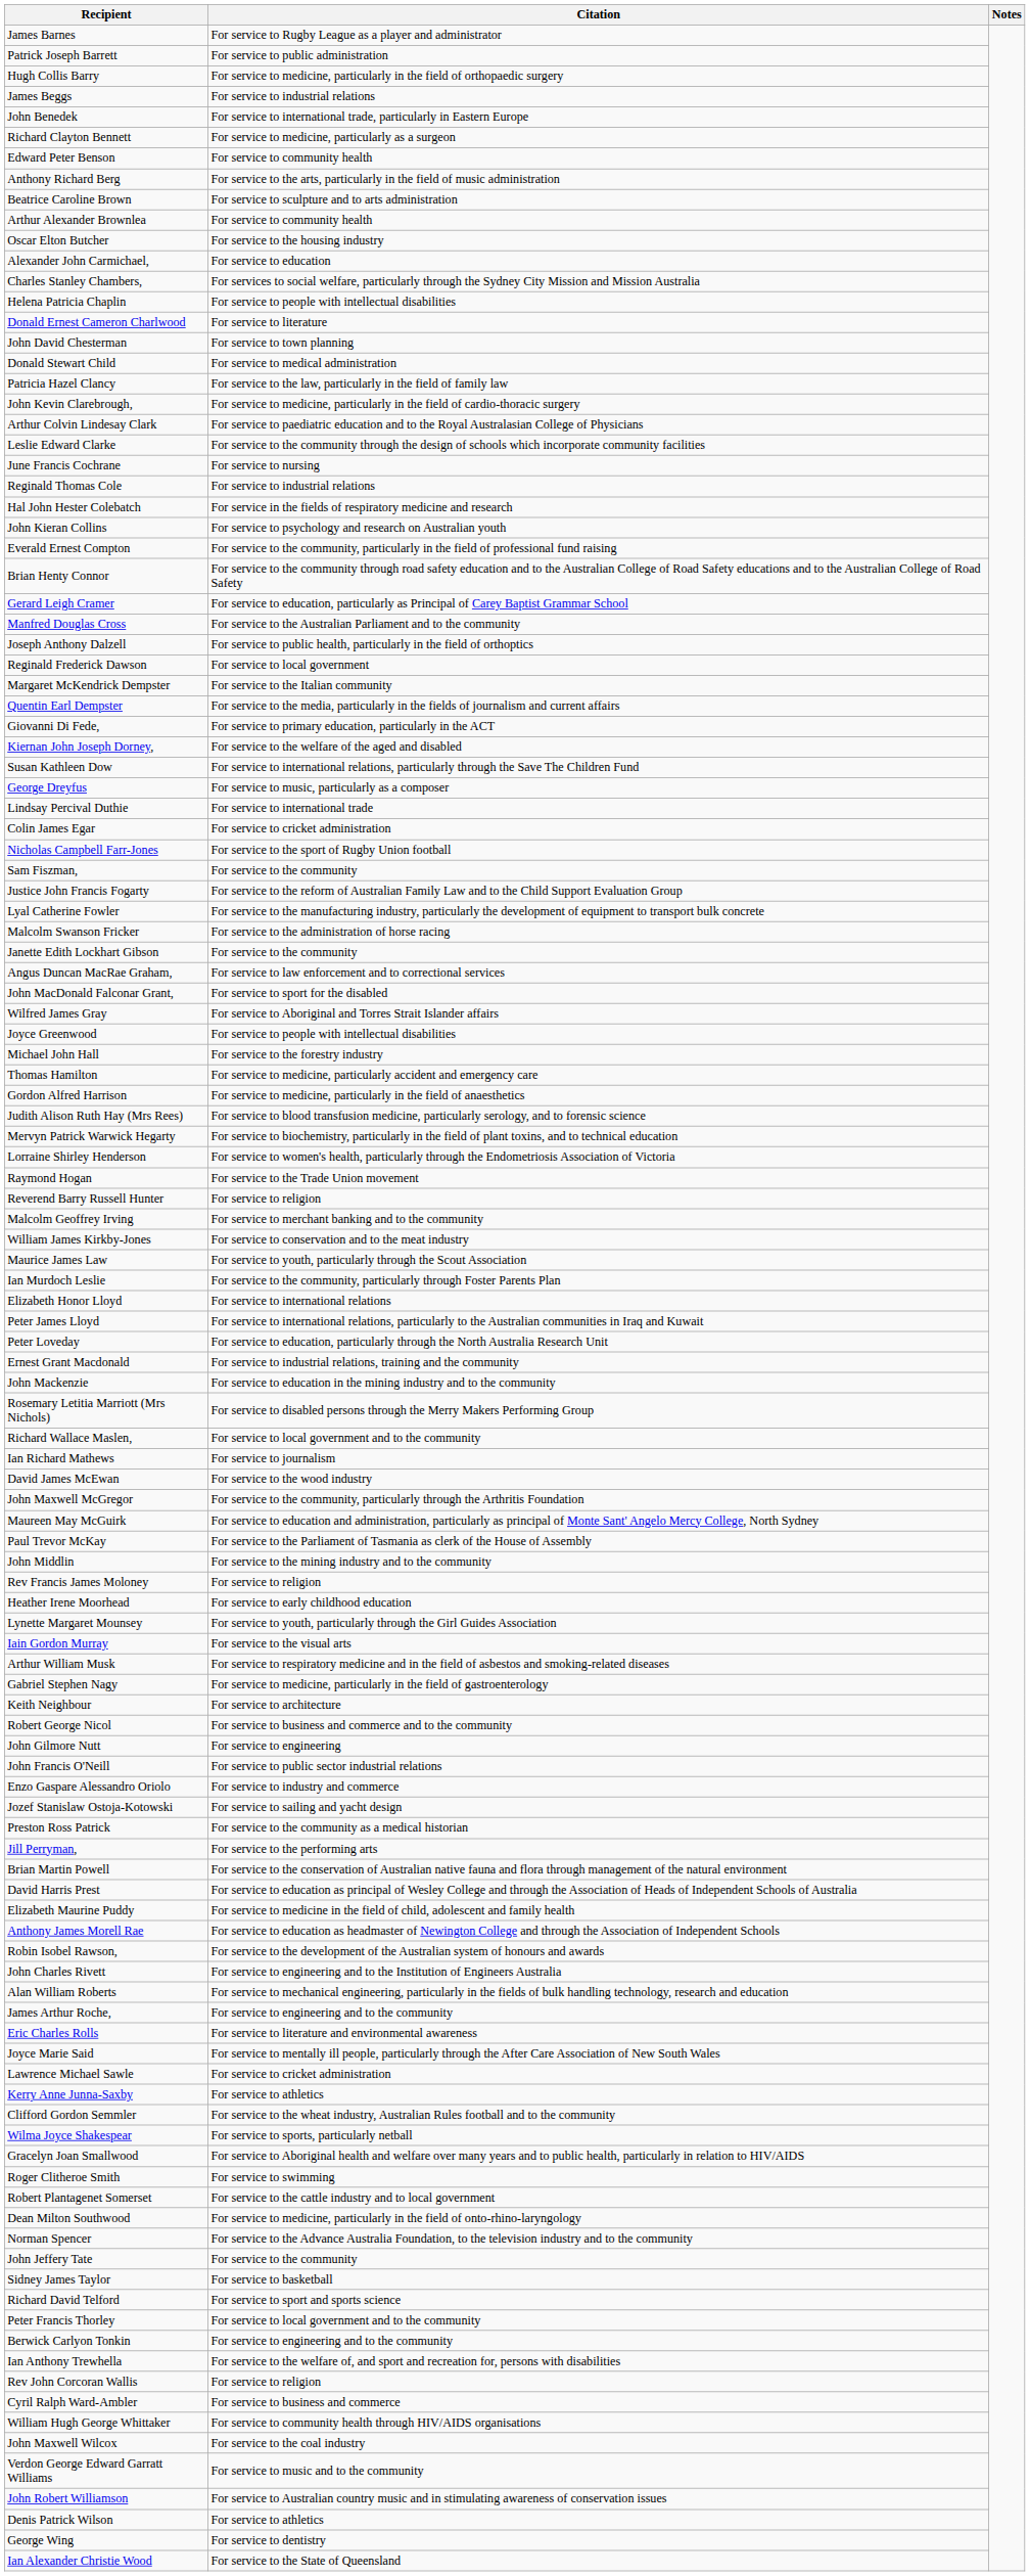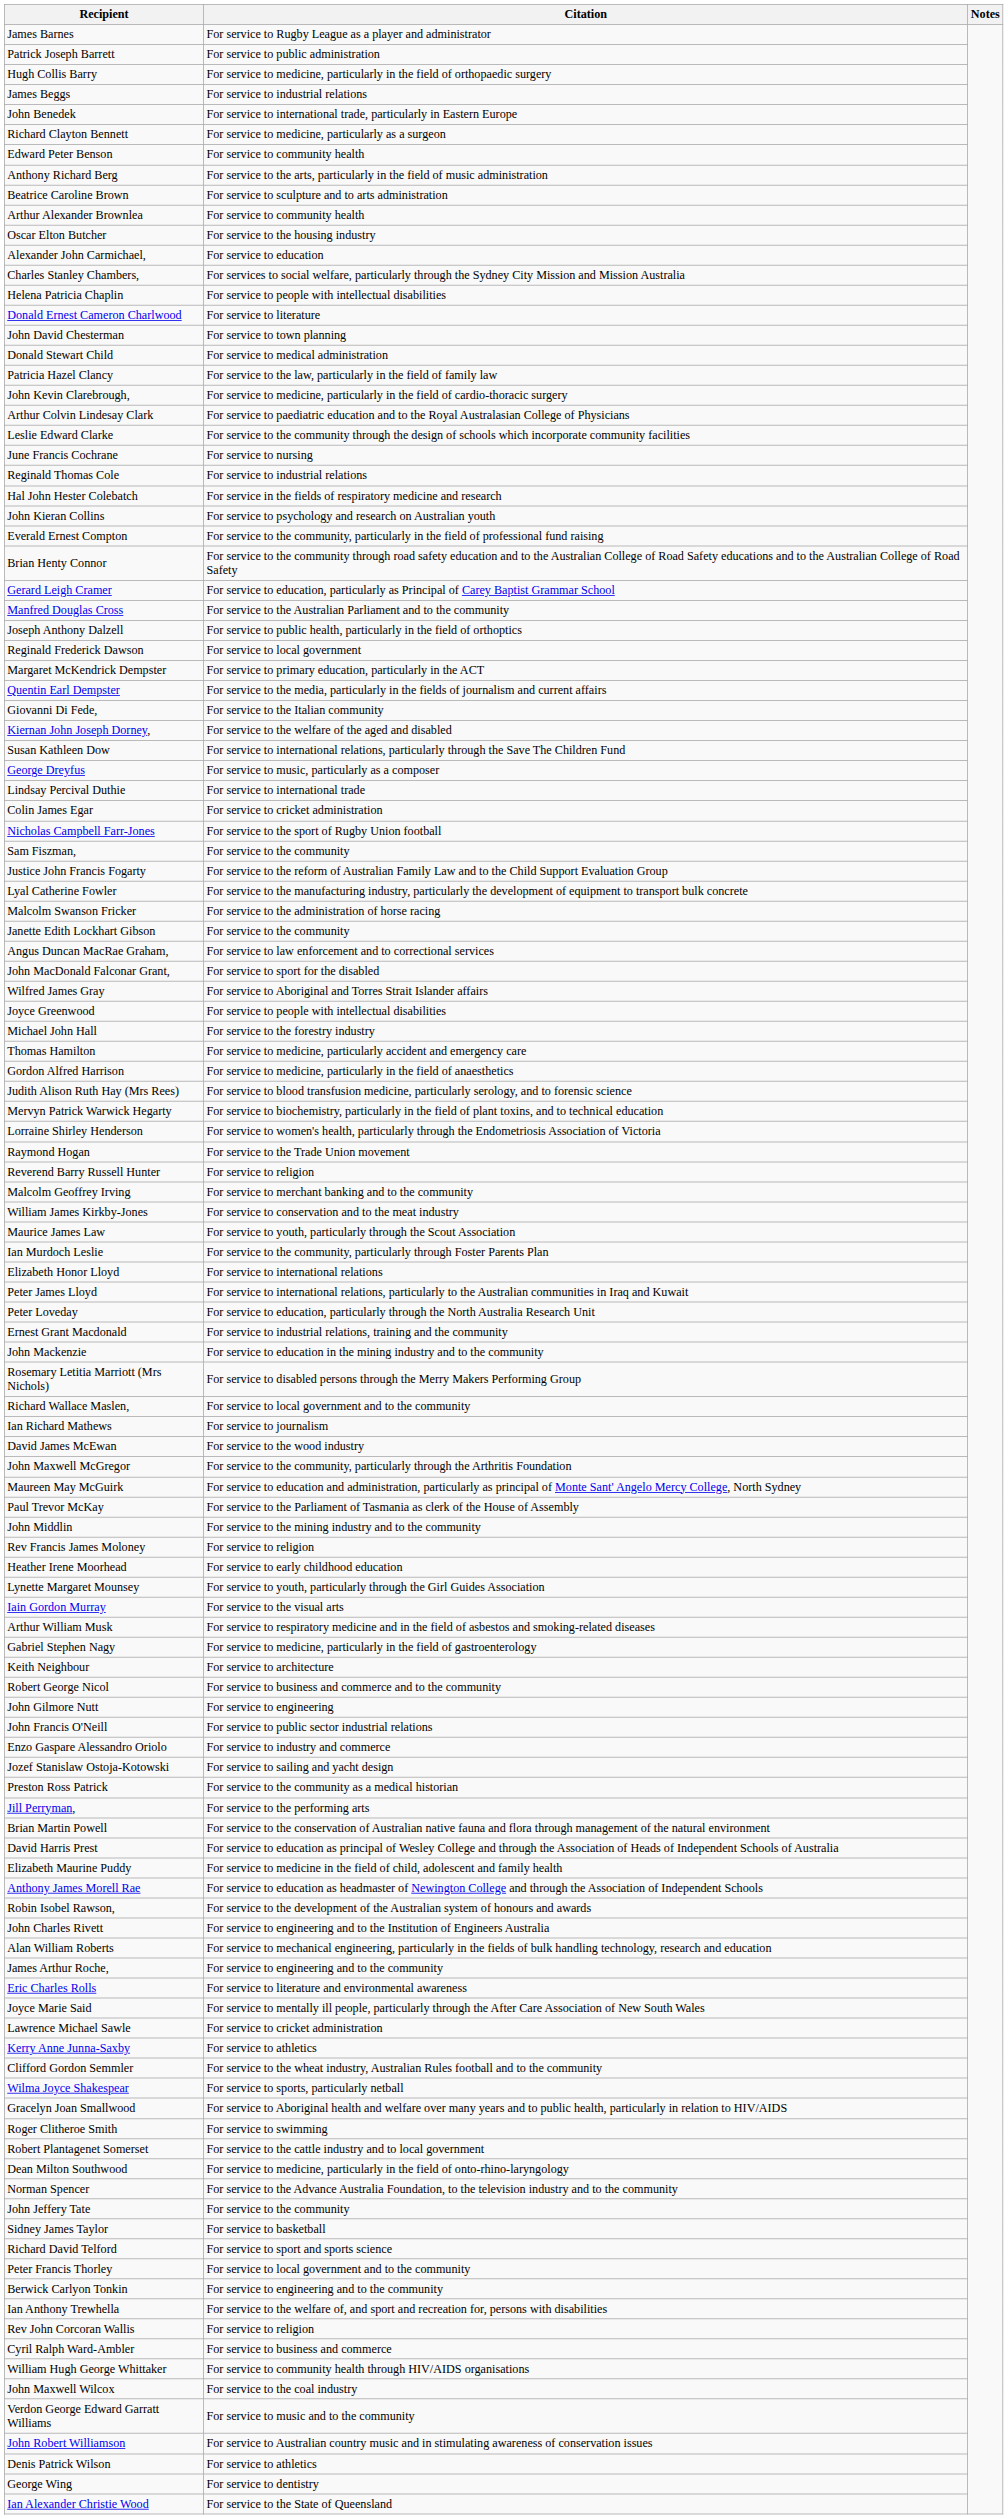 <table class="wikitable" style="font-size:95%;">
 <tr>
 <th>Recipient</th>
 <th>Citation</th>
 <th>Notes</th>
 </tr>
 <tr>
 <td>James Barnes</td>
 <td>For service to Rugby League as a player and administrator</td>
 <td rowspan=200></td>
 </tr>
 <tr>
 <td>Patrick Joseph Barrett</td>
 <td>For service to public administration</td>
 </tr>
 <tr>
 <td> Hugh Collis Barry</td>
 <td>For service to medicine, particularly in the field of orthopaedic surgery</td>
 </tr>
 <tr>
 <td>James Beggs</td>
 <td>For service to industrial relations</td>
 </tr>
 <tr>
 <td>John Benedek</td>
 <td>For service to international trade, particularly in Eastern Europe</td>
 </tr>
 <tr>
 <td> Richard Clayton Bennett</td>
 <td>For service to medicine, particularly as a surgeon</td>
 </tr>
 <tr>
 <td>Edward Peter Benson</td>
 <td>For service to community health</td>
 </tr>
 <tr>
 <td>Anthony Richard Berg</td>
 <td>For service to the arts, particularly in the field of music administration</td>
 </tr>
 <tr>
 <td>Beatrice Caroline Brown</td>
 <td>For service to sculpture and to arts administration</td>
 </tr>
 <tr>
 <td> Arthur Alexander Brownlea</td>
 <td>For service to community health</td>
 </tr>
 <tr>
 <td>Oscar Elton Butcher</td>
 <td>For service to the housing industry</td>
 </tr>
 <tr>
 <td> Alexander John Carmichael, </td>
 <td>For service to education</td>
 </tr>
 <tr>
 <td>Charles Stanley Chambers, </td>
 <td>For services to social welfare, particularly through the Sydney City Mission and Mission Australia</td>
 </tr>
 <tr>
 <td>Helena Patricia Chaplin</td>
 <td>For service to people with intellectual disabilities</td>
 </tr>
 <tr>
 <td><a href='#'>Donald Ernest Cameron Charlwood</a></td>
 <td>For service to literature</td>
 </tr>
 <tr>
 <td>John David Chesterman</td>
 <td>For service to town planning</td>
 </tr>
 <tr>
 <td> Donald Stewart Child</td>
 <td>For service to medical administration</td>
 </tr>
 <tr>
 <td>Patricia Hazel Clancy</td>
 <td>For service to the law, particularly in the field of family law</td>
 </tr>
 <tr>
 <td>John Kevin Clarebrough, </td>
 <td>For service to medicine, particularly in the field of cardio-thoracic surgery</td>
 </tr>
 <tr>
 <td> Arthur Colvin Lindesay Clark</td>
 <td>For service to paediatric education and to the Royal Australasian College of Physicians</td>
 </tr>
 <tr>
 <td>Leslie Edward Clarke</td>
 <td>For service to the community through the design of schools which incorporate community facilities</td>
 </tr>
 <tr>
 <td>June Francis Cochrane</td>
 <td>For service to nursing</td>
 </tr>
 <tr>
 <td>Reginald Thomas Cole</td>
 <td>For service to industrial relations</td>
 </tr>
 <tr>
 <td> Hal John Hester Colebatch</td>
 <td>For service in the fields of respiratory medicine and research</td>
 </tr>
 <tr>
 <td> John Kieran Collins</td>
 <td>For service to psychology and research on Australian youth</td>
 </tr>
 <tr>
 <td>Everald Ernest Compton</td>
 <td>For service to the community, particularly in the field of professional fund raising</td>
 </tr>
 <tr>
 <td>Brian Henty Connor</td>
 <td>For service to the community through road safety education and to the Australian College of Road Safety educations and to the Australian College of Road Safety</td>
 </tr>
 <tr>
 <td><a href='#'>Gerard Leigh Cramer</a></td>
 <td>For service to education, particularly as Principal of <a href='#'>Carey Baptist Grammar School</a></td>
 </tr>
 <tr>
 <td><a href='#'>Manfred Douglas Cross</a></td>
 <td>For service to the Australian Parliament and to the community</td>
 </tr>
 <tr>
 <td>Joseph Anthony Dalzell</td>
 <td>For service to public health, particularly in the field of orthoptics</td>
 </tr>
 <tr>
 <td>Reginald Frederick Dawson</td>
 <td>For service to local government</td>
 </tr>
 <tr>
 <td>Margaret McKendrick Dempster</td>
-<td>For service to the Italian community</td>
+<td>For service to primary education, particularly in the ACT</td>
 </tr>
 <tr>
 <td><a href='#'>Quentin Earl Dempster</a></td>
 <td>For service to the media, particularly in the fields of journalism and current affairs</td>
 </tr>
 <tr>
 <td>Giovanni Di Fede, </td>
-<td>For service to primary education, particularly in the ACT</td>
+<td>For service to the Italian community</td>
 </tr>
 <tr>
 <td> <a href='#'>Kiernan John Joseph Dorney</a>, </td>
 <td>For service to the welfare of the aged and disabled</td>
 </tr>
 <tr>
 <td>Susan Kathleen Dow</td>
 <td>For service to international relations, particularly through the Save The Children Fund</td>
 </tr>
 <tr>
 <td><a href='#'>George Dreyfus</a></td>
 <td>For service to music, particularly as a composer</td>
 </tr>
 <tr>
 <td>Lindsay Percival Duthie</td>
 <td>For service to international trade</td>
 </tr>
 <tr>
 <td>Colin James Egar</td>
 <td>For service to cricket administration</td>
 </tr>
 <tr>
 <td><a href='#'>Nicholas Campbell Farr-Jones</a></td>
 <td>For service to the sport of Rugby Union football</td>
 </tr>
 <tr>
 <td>Sam Fiszman, </td>
 <td>For service to the community</td>
 </tr>
 <tr>
 <td>Justice John Francis Fogarty</td>
 <td>For service to the reform of Australian Family Law and to the Child Support Evaluation Group</td>
 </tr>
 <tr>
 <td>Lyal Catherine Fowler</td>
 <td>For service to the manufacturing industry, particularly the development of equipment to transport bulk concrete</td>
 </tr>
 <tr>
 <td>Malcolm Swanson Fricker</td>
 <td>For service to the administration of horse racing</td>
 </tr>
 <tr>
 <td>Janette Edith Lockhart Gibson</td>
 <td>For service to the community</td>
 </tr>
 <tr>
 <td>Angus Duncan MacRae Graham, </td>
 <td>For service to law enforcement and to correctional services</td>
 </tr>
 <tr>
 <td> John MacDonald Falconar Grant, </td>
 <td>For service to sport for the disabled</td>
 </tr>
 <tr>
 <td>Wilfred James Gray</td>
 <td>For service to Aboriginal and Torres Strait Islander affairs</td>
 </tr>
 <tr>
 <td>Joyce Greenwood</td>
 <td>For service to people with intellectual disabilities</td>
 </tr>
 <tr>
 <td>Michael John Hall</td>
 <td>For service to the forestry industry</td>
 </tr>
 <tr>
 <td> Thomas Hamilton</td>
 <td>For service to medicine, particularly accident and emergency care</td>
 </tr>
 <tr>
 <td> Gordon Alfred Harrison</td>
 <td>For service to medicine, particularly in the field of anaesthetics</td>
 </tr>
 <tr>
 <td> Judith Alison Ruth Hay (Mrs Rees)</td>
 <td>For service to blood transfusion medicine, particularly serology, and to forensic science</td>
 </tr>
 <tr>
 <td> Mervyn Patrick Warwick Hegarty</td>
 <td>For service to biochemistry, particularly in the field of plant toxins, and to technical education</td>
 </tr>
 <tr>
 <td>Lorraine Shirley Henderson</td>
 <td>For service to women's health, particularly through the Endometriosis Association of Victoria</td>
 </tr>
 <tr>
 <td>Raymond Hogan</td>
 <td>For service to the Trade Union movement</td>
 </tr>
 <tr>
 <td>Reverend Barry Russell Hunter</td>
 <td>For service to religion</td>
 </tr>
 <tr>
 <td>Malcolm Geoffrey Irving</td>
 <td>For service to merchant banking and to the community</td>
 </tr>
 <tr>
 <td>William James Kirkby-Jones</td>
 <td>For service to conservation and to the meat industry</td>
 </tr>
 <tr>
 <td>Maurice James Law</td>
 <td>For service to youth, particularly through the Scout Association</td>
 </tr>
 <tr>
 <td>Ian Murdoch Leslie</td>
 <td>For service to the community, particularly through Foster Parents Plan</td>
 </tr>
 <tr>
 <td>Elizabeth Honor Lloyd</td>
 <td>For service to international relations</td>
 </tr>
 <tr>
 <td>Peter James Lloyd</td>
 <td>For service to international relations, particularly to the Australian communities in Iraq and Kuwait</td>
 </tr>
 <tr>
 <td> Peter Loveday</td>
 <td>For service to education, particularly through the North Australia Research Unit</td>
 </tr>
 <tr>
 <td>Ernest Grant Macdonald</td>
 <td>For service to industrial relations, training and the community</td>
 </tr>
 <tr>
 <td>John Mackenzie</td>
 <td>For service to education in the mining industry and to the community</td>
 </tr>
 <tr>
 <td>Rosemary Letitia Marriott (Mrs Nichols)</td>
 <td>For service to disabled persons through the Merry Makers Performing Group</td>
 </tr>
 <tr>
 <td>Richard Wallace Maslen, </td>
 <td>For service to local government and to the community</td>
 </tr>
 <tr>
 <td>Ian Richard Mathews</td>
 <td>For service to journalism</td>
 </tr>
 <tr>
 <td>David James McEwan</td>
 <td>For service to the wood industry</td>
 </tr>
 <tr>
 <td>John Maxwell McGregor</td>
 <td>For service to the community, particularly through the Arthritis Foundation</td>
 </tr>
 <tr>
 <td> Maureen May McGuirk</td>
 <td>For service to education and administration, particularly as principal of <a href='#'>Monte Sant' Angelo Mercy College</a>, North Sydney</td>
 </tr>
 <tr>
 <td>Paul Trevor McKay</td>
 <td>For service to the Parliament of Tasmania as clerk of the House of Assembly</td>
 </tr>
 <tr>
 <td>John Middlin</td>
 <td>For service to the mining industry and to the community</td>
 </tr>
 <tr>
 <td>Rev Francis James Moloney</td>
 <td>For service to religion</td>
 </tr>
 <tr>
 <td>Heather Irene Moorhead</td>
 <td>For service to early childhood education</td>
 </tr>
 <tr>
 <td>Lynette Margaret Mounsey</td>
 <td>For service to youth, particularly through the Girl Guides Association</td>
 </tr>
 <tr>
 <td><a href='#'>Iain Gordon Murray</a></td>
 <td>For service to the visual arts</td>
 </tr>
 <tr>
 <td> Arthur William Musk</td>
 <td>For service to respiratory medicine and in the field of asbestos and smoking-related diseases</td>
 </tr>
 <tr>
 <td> Gabriel Stephen Nagy</td>
 <td>For service to medicine, particularly in the field of gastroenterology</td>
 </tr>
 <tr>
 <td>Keith Neighbour</td>
 <td>For service to architecture</td>
 </tr>
 <tr>
 <td>Robert George Nicol</td>
 <td>For service to business and commerce and to the community</td>
 </tr>
 <tr>
 <td>John Gilmore Nutt</td>
 <td>For service to engineering</td>
 </tr>
 <tr>
 <td>John Francis O'Neill</td>
 <td>For service to public sector industrial relations</td>
 </tr>
 <tr>
 <td>Enzo Gaspare Alessandro Oriolo</td>
 <td>For service to industry and commerce</td>
 </tr>
 <tr>
 <td>Jozef Stanislaw Ostoja-Kotowski</td>
 <td>For service to sailing and yacht design</td>
 </tr>
 <tr>
 <td> Preston Ross Patrick</td>
 <td>For service to the community as a medical historian</td>
 </tr>
 <tr>
 <td><a href='#'>Jill Perryman</a>, </td>
 <td>For service to the performing arts</td>
 </tr>
 <tr>
 <td>Brian Martin Powell</td>
 <td>For service to the conservation of Australian native fauna and flora through management of the natural environment</td>
 </tr>
 <tr>
 <td>David Harris Prest</td>
 <td>For service to education as principal of Wesley College and through the Association of Heads of Independent Schools of Australia</td>
 </tr>
 <tr>
 <td> Elizabeth Maurine Puddy</td>
 <td>For service to medicine in the field of child, adolescent and family health</td>
 </tr>
 <tr>
 <td><a href='#'>Anthony James Morell Rae</a></td>
 <td>For service to education as headmaster of <a href='#'>Newington College</a> and through the Association of Independent Schools</td>
 </tr>
 <tr>
 <td>Robin Isobel Rawson, </td>
 <td>For service to the development of the Australian system of honours and awards</td>
 </tr>
 <tr>
 <td>John Charles Rivett</td>
 <td>For service to engineering and to the Institution of Engineers Australia</td>
 </tr>
 <tr>
 <td> Alan William Roberts</td>
 <td>For service to mechanical engineering, particularly in the fields of bulk handling technology, research and education</td>
 </tr>
 <tr>
 <td>James Arthur Roche, </td>
 <td>For service to engineering and to the community</td>
 </tr>
 <tr>
 <td><a href='#'>Eric Charles Rolls</a></td>
 <td>For service to literature and environmental awareness</td>
 </tr>
 <tr>
 <td>Joyce Marie Said</td>
 <td>For service to mentally ill people, particularly through the After Care Association of New South Wales</td>
 </tr>
 <tr>
 <td>Lawrence Michael Sawle</td>
 <td>For service to cricket administration</td>
 </tr>
 <tr>
 <td><a href='#'>Kerry Anne Junna-Saxby</a></td>
 <td>For service to athletics</td>
 </tr>
 <tr>
 <td>Clifford Gordon Semmler</td>
 <td>For service to the wheat industry, Australian Rules football and to the community</td>
 </tr>
 <tr>
 <td><a href='#'>Wilma Joyce Shakespear</a></td>
 <td>For service to sports, particularly netball</td>
 </tr>
 <tr>
 <td>Gracelyn Joan Smallwood</td>
 <td>For service to Aboriginal health and welfare over many years and to public health, particularly in relation to HIV/AIDS</td>
 </tr>
 <tr>
 <td>Roger Clitheroe Smith</td>
 <td>For service to swimming</td>
 </tr>
 <tr>
 <td>Robert Plantagenet Somerset</td>
 <td>For service to the cattle industry and to local government</td>
 </tr>
 <tr>
 <td> Dean Milton Southwood</td>
 <td>For service to medicine, particularly in the field of onto-rhino-laryngology</td>
 </tr>
 <tr>
 <td>Norman Spencer</td>
 <td>For service to the Advance Australia Foundation, to the television industry and to the community</td>
 </tr>
 <tr>
 <td>John Jeffery Tate</td>
 <td>For service to the community</td>
 </tr>
 <tr>
 <td>Sidney James Taylor</td>
 <td>For service to basketball</td>
 </tr>
 <tr>
 <td> Richard David Telford</td>
 <td>For service to sport and sports science</td>
 </tr>
 <tr>
 <td>Peter Francis Thorley</td>
 <td>For service to local government and to the community</td>
 </tr>
 <tr>
 <td>Berwick Carlyon Tonkin</td>
 <td>For service to engineering and to the community</td>
 </tr>
 <tr>
 <td>Ian Anthony Trewhella</td>
 <td>For service to the welfare of, and sport and recreation for, persons with disabilities</td>
 </tr>
 <tr>
 <td>Rev John Corcoran Wallis</td>
 <td>For service to religion</td>
 </tr>
 <tr>
 <td>Cyril Ralph Ward-Ambler</td>
 <td>For service to business and commerce</td>
 </tr>
 <tr>
 <td>William Hugh George Whittaker</td>
 <td>For service to community health through HIV/AIDS organisations</td>
 </tr>
 <tr>
 <td>John Maxwell Wilcox</td>
 <td>For service to the coal industry</td>
 </tr>
 <tr>
 <td>Verdon George Edward Garratt Williams</td>
 <td>For service to music and to the community</td>
 </tr>
 <tr>
 <td><a href='#'>John Robert Williamson</a></td>
 <td>For service to Australian country music and in stimulating awareness of conservation issues</td>
 </tr>
 <tr>
 <td>Denis Patrick Wilson</td>
 <td>For service to athletics</td>
 </tr>
 <tr>
 <td> George Wing</td>
 <td>For service to dentistry</td>
 </tr>
 <tr>
 <td><a href='#'>Ian Alexander Christie Wood</a></td>
 <td>For service to the State of Queensland</td>
 </tr>
 </table>
